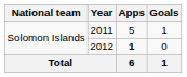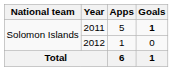 <table class="wikitable" style="text-align: center;">
 <tr>
 <th>National team</th>
 <th>Year</th>
 <th>Apps</th>
 <th>Goals</th>
 </tr>
 <tr>
 <td rowspan="2">Solomon Islands</td>
 <td>2011</td>
 <td>5</td>
-<td>1</td>
+<td><strong>1</strong></td>
 </tr>
 <tr>
 <td>2012</td>
-<td><strong>1</strong></td>
+<td>1</td>
 <td>0</td>
 </tr>
 <tr>
 <th colspan="2">Total</th>
 <th>6</th>
 <th>1</th>
 </tr>
 </table>
